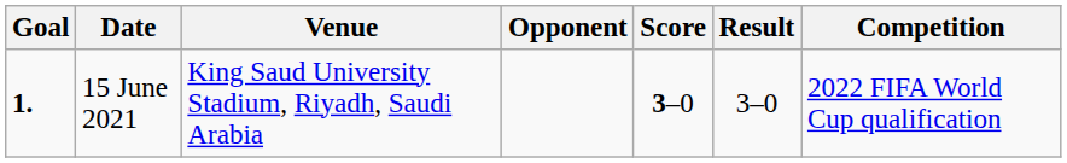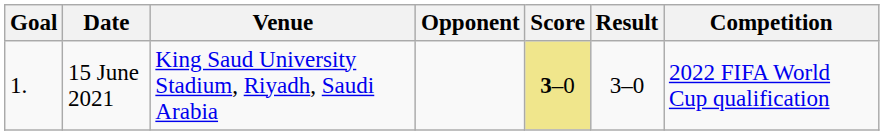 <table class="wikitable plainrowheaders sortable">
 <tr>
 <th>Goal</th>
 <th>Date</th>
 <th>Venue</th>
 <th>Opponent</th>
 <th>Score</th>
 <th>Result</th>
 <th>Competition</th>
 </tr>
 <tr>
-<td><strong>1.</strong></td>
+<td>1.</td>
 <td>15 June 2021</td>
 <td><a href='#'>King Saud University Stadium</a>, <a href='#'>Riyadh</a>, <a href='#'>Saudi Arabia</a></td>
 <td></td>
-<td align=center><strong>3</strong>–0</td>
+<td align=center style="background: khaki;"><strong>3</strong>–0</td>
 <td align=center>3–0</td>
 <td rowspan=2><a href='#'>2022 FIFA World Cup qualification</a></td>
 </tr>
 </table>
